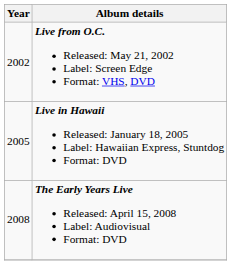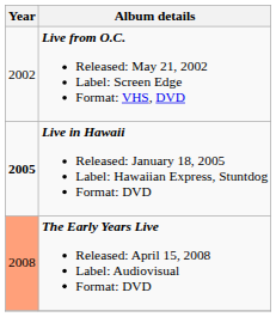 <table class ="wikitable">
 <tr>
 <th>Year</th>
 <th>Album details</th>
 </tr>
 <tr>
 <td>2002</td>
 <td><strong><em>Live from O.C.</em></strong><br><ul><li>Released: May 21, 2002</li><li>Label: Screen Edge</li><li>Format: <a href='#'>VHS</a>, <a href='#'>DVD</a></li></ul></td>
 </tr>
 <tr>
-<td>2005</td>
+<td><strong>2005</strong></td>
 <td><strong><em>Live in Hawaii</em></strong><br><ul><li>Released: January 18, 2005</li><li>Label: Hawaiian Express, Stuntdog</li><li>Format: DVD</li></ul></td>
 </tr>
 <tr>
-<td>2008</td>
+<td style="background: lightsalmon;">2008</td>
 <td><strong><em>The Early Years Live</em></strong><br><ul><li>Released: April 15, 2008</li><li>Label: Audiovisual</li><li>Format: DVD</li></ul></td>
 </tr>
 <tr>
 </tr>
 </table>
